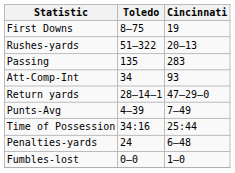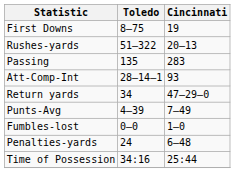 <table class="wikitable">
 <tr>
 <th>Statistic</th>
 <th><strong>Toledo</strong></th>
 <th><strong>Cincinnati</strong></th>
 </tr>
 <tr>
 <td>First Downs</td>
 <td>8–75</td>
 <td>19</td>
 </tr>
 <tr>
 <td>Rushes-yards</td>
 <td>51–322</td>
 <td>20–13</td>
 </tr>
 <tr>
 <td>Passing</td>
 <td>135</td>
 <td>283</td>
 </tr>
 <tr>
 <td>Att-Comp-Int</td>
-<td>34</td>
+<td>28–14–1</td>
 <td>93</td>
 </tr>
 <tr>
 <td>Return yards</td>
-<td>28–14–1</td>
+<td>34</td>
 <td>47–29–0</td>
 </tr>
 <tr>
 <td>Punts-Avg</td>
 <td>4–39</td>
 <td>7–49</td>
 </tr>
 <tr>
-<td>Time of Possession</td>
-<td>34:16</td>
-<td>25:44</td>
+<td>Fumbles-lost</td>
+<td>0–0</td>
+<td>1–0</td>
 </tr>
 <tr>
 <td>Penalties-yards</td>
 <td>24</td>
 <td>6–48</td>
 </tr>
 <tr>
-<td>Fumbles-lost</td>
-<td>0–0</td>
-<td>1–0</td>
+<td>Time of Possession</td>
+<td>34:16</td>
+<td>25:44</td>
 </tr>
 <tr>
 </tr>
 </table>
